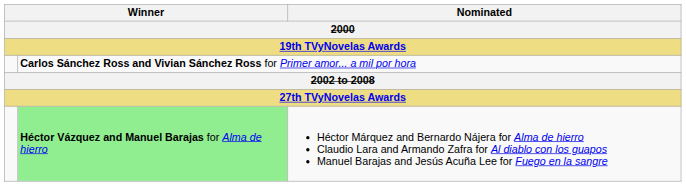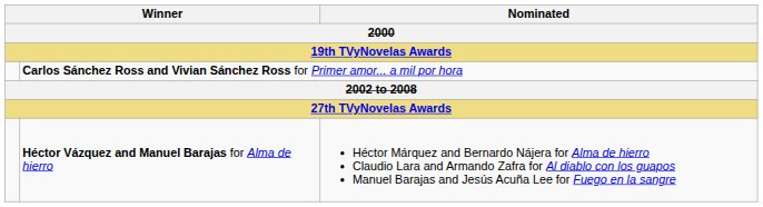 <table class="wikitable" width=80%>
 <tr align=center>
 <th width="150px;" colspan=2; align="center">Winner</th>
 <th width="580px;" align="center">Nominated</th>
 </tr>
 <tr>
 <th colspan=9 align="center"><s>2000</s></th>
 </tr>
 <tr>
 <th colspan=9 style="background:#EEDD82;"  align="center"><strong><a href='#'>19th TVyNovelas Awards</a></strong></th>
 </tr>
 <tr>
 <td width=2%></td>
 <td colspan=2><strong>Carlos Sánchez Ross and Vivian Sánchez Ross</strong> for <em><a href='#'>Primer amor... a mil por hora</a></em></td>
 </tr>
 <tr>
 <th colspan=9 align="center"><s>2002 to 2008</s></th>
 </tr>
 <tr>
 <th colspan=9 style="background:#EEDD82;"  align="center"><strong><a href='#'>27th TVyNovelas Awards</a></strong></th>
 </tr>
 <tr>
 <td width=2%></td>
-<td style="background: lightgreen;"><strong>Héctor Vázquez and Manuel Barajas</strong> for <em><a href='#'>Alma de hierro</a></em></td>
+<td><strong>Héctor Vázquez and Manuel Barajas</strong> for <em><a href='#'>Alma de hierro</a></em></td>
 <td><br><ul><li>Héctor Márquez and Bernardo Nájera for <em><a href='#'>Alma de hierro</a></em></li><li>Claudio Lara and Armando Zafra for <em><a href='#'>Al diablo con los guapos</a></em></li><li>Manuel Barajas and Jesús Acuña Lee for <em><a href='#'>Fuego en la sangre</a></em></li></ul></td>
 </tr>
 </table>
